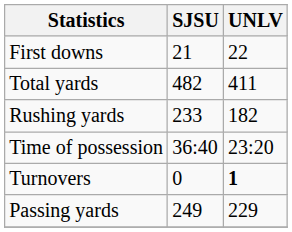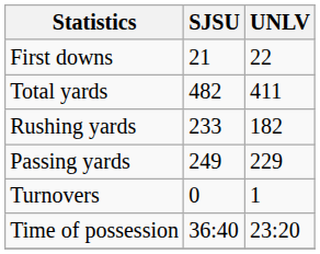 <table class="wikitable" style="float: left;">
 <tr>
 <th>Statistics</th>
 <th>SJSU</th>
 <th>UNLV</th>
 </tr>
 <tr>
 <td>First downs</td>
 <td>21</td>
 <td>22</td>
 </tr>
 <tr>
 <td>Total yards</td>
 <td>482</td>
 <td>411</td>
 </tr>
 <tr>
 <td>Rushing yards</td>
 <td>233</td>
 <td>182</td>
 </tr>
 <tr>
+<td>Passing yards</td>
+<td>249</td>
+<td>229</td>
+</tr>
+<tr>
+<td>Turnovers</td>
+<td>0</td>
+<td>1</td>
+</tr>
+<tr>
 <td>Time of possession</td>
 <td>36:40</td>
 <td>23:20</td>
 </tr>
 <tr>
-<td>Turnovers</td>
-<td>0</td>
-<td><strong>1</strong></td>
-</tr>
-<tr>
-<td>Passing yards</td>
-<td>249</td>
-<td>229</td>
-</tr>
-<tr>
 </tr>
 </table>
